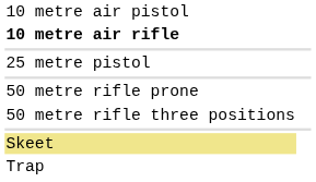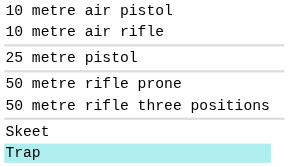 <table>
 <tr>
 <td>10 metre air pistol<br></td>
 <td></td>
 <td></td>
 <td></td>
 </tr>
 <tr>
-<td><strong>10 metre air rifle<br></strong></td>
+<td>10 metre air rifle<br></td>
 <td></td>
 <td></td>
 <td></td>
 </tr>
 <tr bgcolor=#DDDDDD>
 <td colspan=7></td>
 </tr>
 <tr>
 <td>25 metre pistol<br></td>
 <td></td>
 <td></td>
 <td></td>
 </tr>
 <tr bgcolor=#DDDDDD>
 <td colspan=7></td>
 </tr>
 <tr>
 <td>50 metre rifle prone<br></td>
 <td></td>
 <td></td>
 <td></td>
 </tr>
 <tr>
 <td>50 metre rifle three positions<br></td>
 <td></td>
 <td></td>
 <td></td>
 </tr>
 <tr bgcolor=#DDDDDD>
 <td colspan=7></td>
 </tr>
 <tr>
-<td style="background: khaki;">Skeet<br></td>
+<td>Skeet<br></td>
 <td></td>
 <td></td>
 <td></td>
 </tr>
 <tr>
-<td>Trap<br></td>
+<td style="background: paleturquoise;">Trap<br></td>
 <td></td>
 <td></td>
 <td></td>
 </tr>
 </table>
